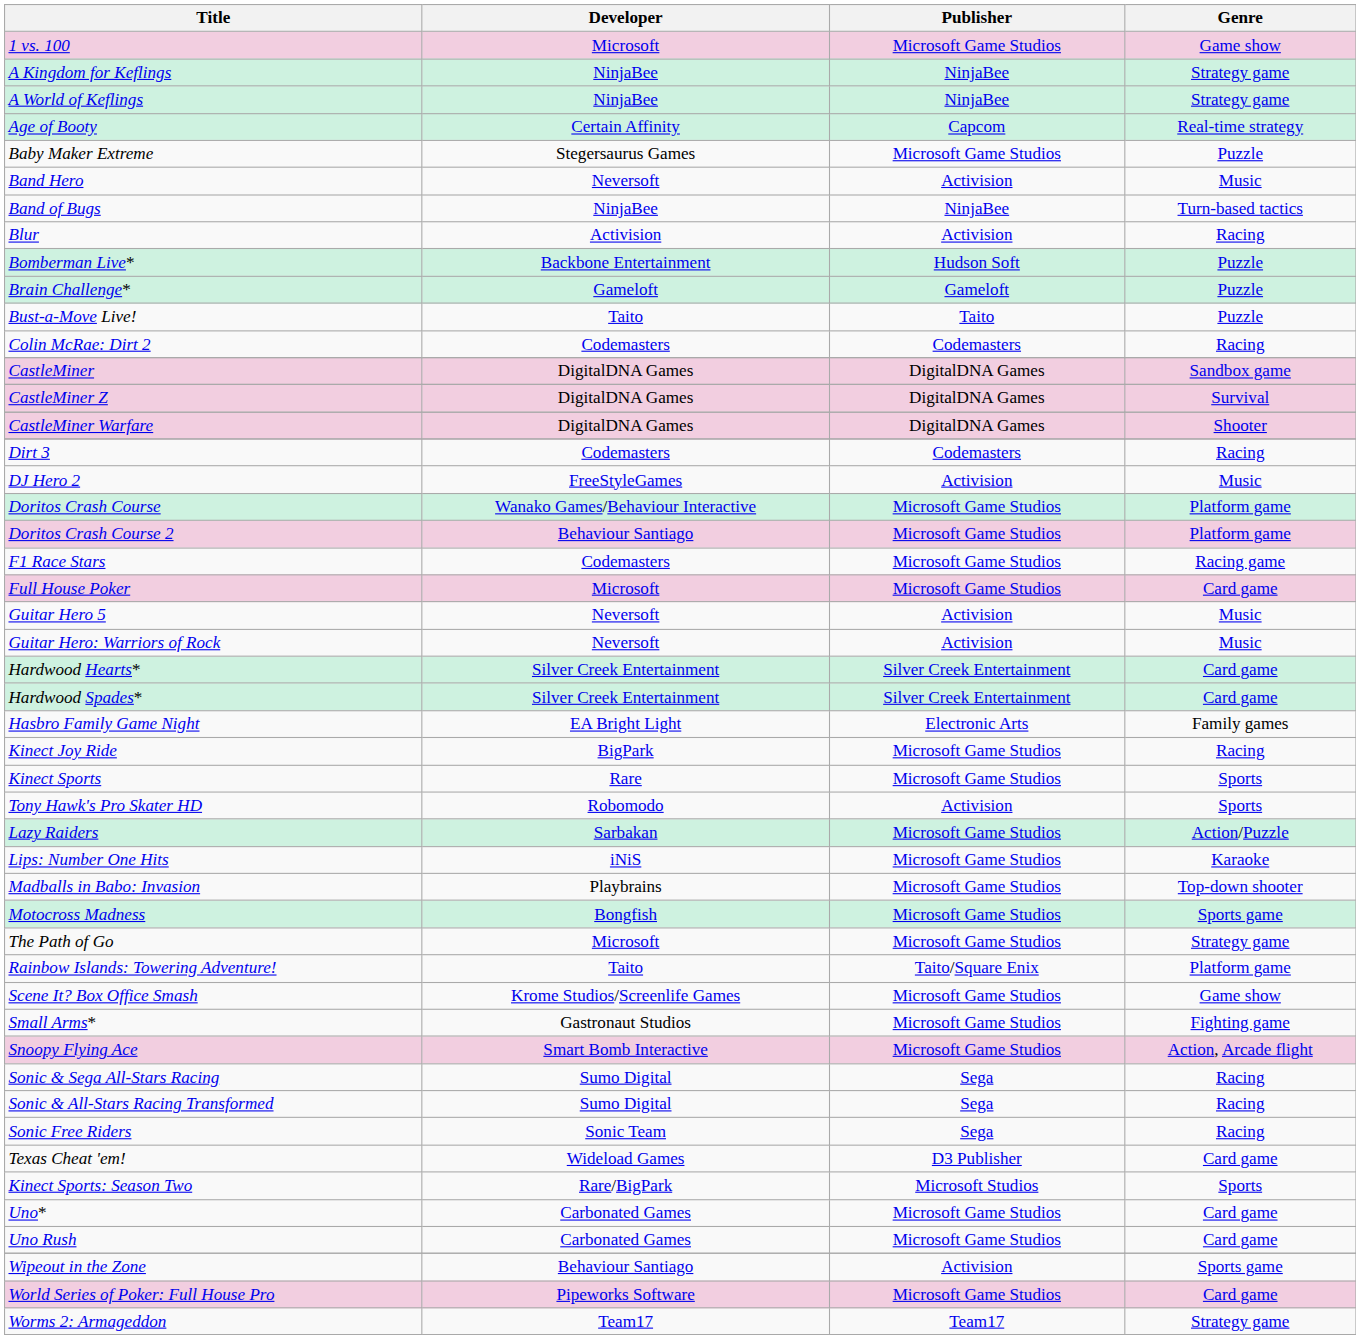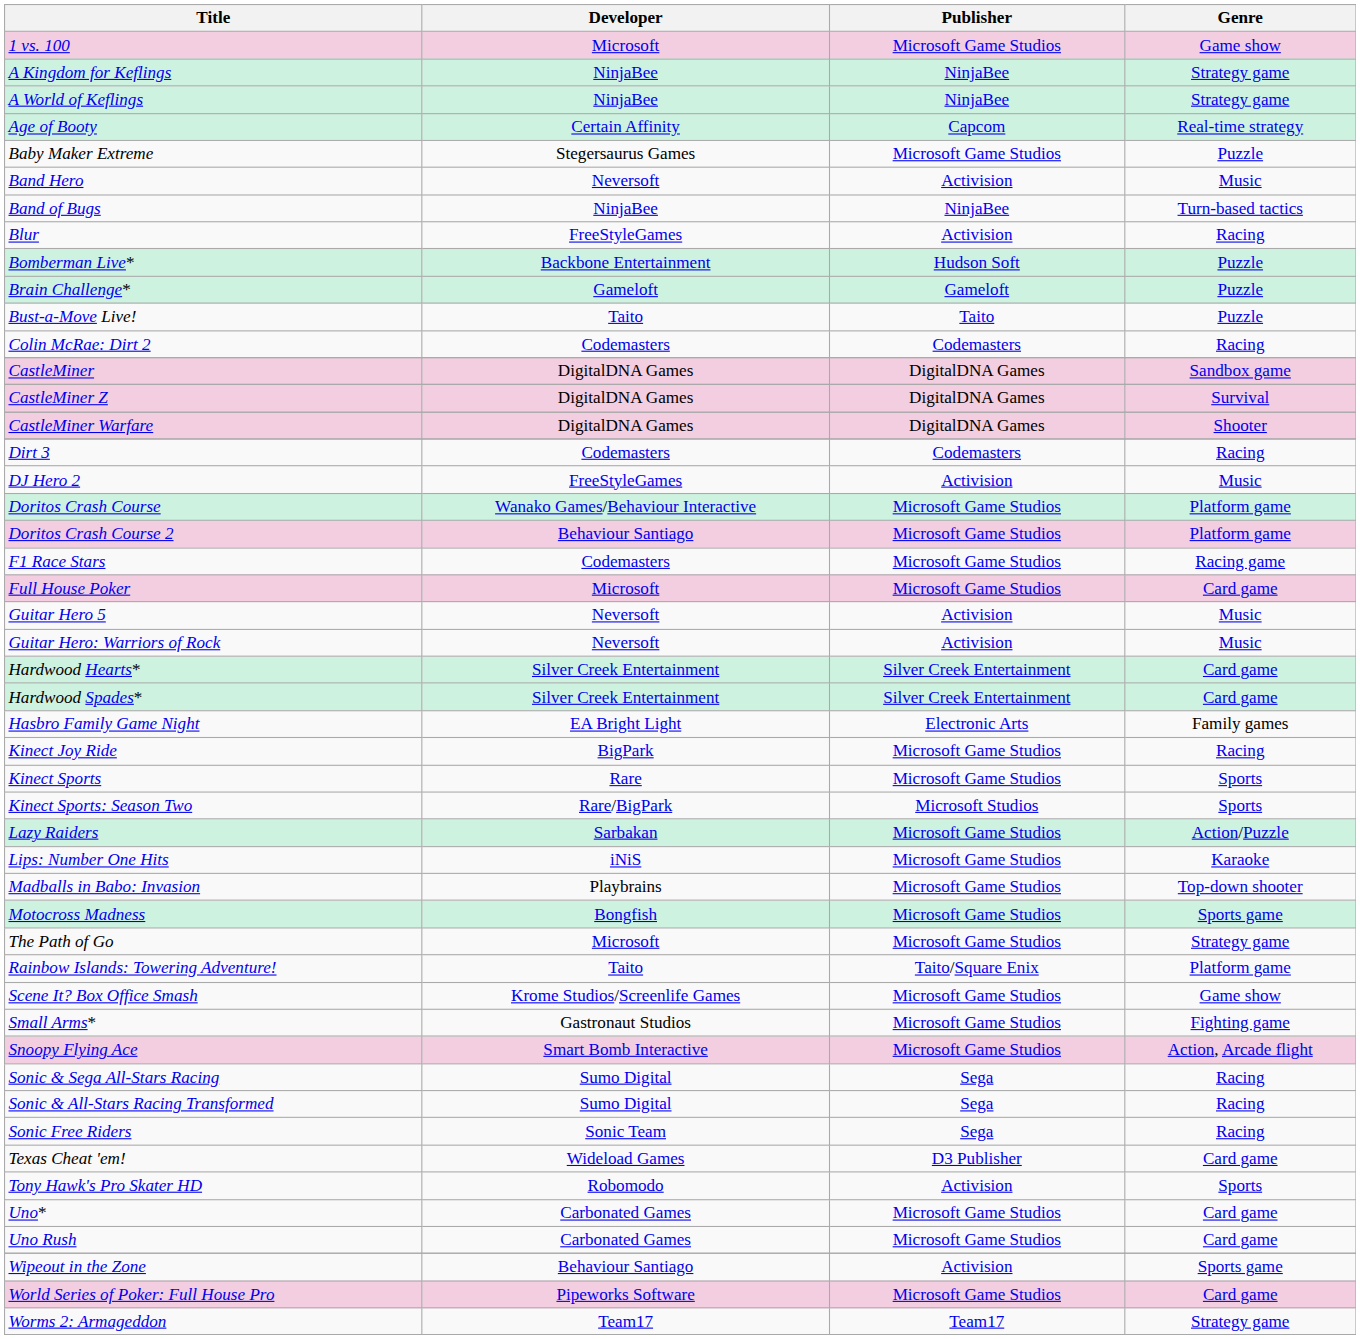 <table class="wikitable sortable" style="width:100%">
 <tr>
 <th>Title</th>
 <th>Developer</th>
 <th>Publisher</th>
 <th>Genre</th>
 </tr>
 <tr bgcolor="#F2CEE0">
 <td><em><a href='#'>1 vs. 100</a></em></td>
 <td align=center><a href='#'>Microsoft</a></td>
 <td align=center><a href='#'>Microsoft Game Studios</a></td>
 <td align=center><a href='#'>Game show</a></td>
 </tr>
 <tr bgcolor="#CEF2E0">
 <td><em><a href='#'>A Kingdom for Keflings</a></em></td>
 <td align=center><a href='#'>NinjaBee</a></td>
 <td align=center><a href='#'>NinjaBee</a></td>
 <td align=center><a href='#'>Strategy game</a></td>
 </tr>
 <tr bgcolor="#CEF2E0">
 <td><em><a href='#'>A World of Keflings</a></em></td>
 <td align=center><a href='#'>NinjaBee</a></td>
 <td align=center><a href='#'>NinjaBee</a></td>
 <td align=center><a href='#'>Strategy game</a></td>
 </tr>
 <tr bgcolor="#CEF2E0">
 <td><em><a href='#'>Age of Booty</a></em></td>
 <td align=center><a href='#'>Certain Affinity</a></td>
 <td align=center><a href='#'>Capcom</a></td>
 <td align=center><a href='#'>Real-time strategy</a></td>
 </tr>
 <tr>
 <td><em>Baby Maker Extreme</em></td>
 <td align=center>Stegersaurus Games</td>
 <td align=center><a href='#'>Microsoft Game Studios</a></td>
 <td align=center><a href='#'>Puzzle</a></td>
 </tr>
 <tr>
 <td><em><a href='#'>Band Hero</a></em></td>
 <td align=center><a href='#'>Neversoft</a></td>
 <td align=center><a href='#'>Activision</a></td>
 <td align=center><a href='#'>Music</a></td>
 </tr>
 <tr>
 <td><em><a href='#'>Band of Bugs</a></em></td>
 <td align=center><a href='#'>NinjaBee</a></td>
 <td align=center><a href='#'>NinjaBee</a></td>
 <td align=center><a href='#'>Turn-based tactics</a></td>
 </tr>
 <tr>
 <td><em><a href='#'>Blur</a></em></td>
-<td align=center><a href='#'>Activision</a></td>
+<td align=center><a href='#'>FreeStyleGames</a></td>
 <td align=center><a href='#'>Activision</a></td>
 <td align=center><a href='#'>Racing</a></td>
 </tr>
 <tr bgcolor="#CEF2E0">
 <td><em><a href='#'>Bomberman Live</a></em>*</td>
 <td align=center><a href='#'>Backbone Entertainment</a></td>
 <td align=center><a href='#'>Hudson Soft</a></td>
 <td align=center><a href='#'>Puzzle</a></td>
 </tr>
 <tr bgcolor="#CEF2E0">
 <td><em><a href='#'>Brain Challenge</a></em>*</td>
 <td align=center><a href='#'>Gameloft</a></td>
 <td align=center><a href='#'>Gameloft</a></td>
 <td align=center><a href='#'>Puzzle</a></td>
 </tr>
 <tr>
 <td><em><a href='#'>Bust-a-Move</a> Live!</em></td>
 <td align=center><a href='#'>Taito</a></td>
 <td align=center><a href='#'>Taito</a></td>
 <td align=center><a href='#'>Puzzle</a></td>
 </tr>
 <tr>
 <td><em><a href='#'>Colin McRae: Dirt 2</a></em></td>
 <td align=center><a href='#'>Codemasters</a></td>
 <td align=center><a href='#'>Codemasters</a></td>
 <td align=center><a href='#'>Racing</a></td>
 </tr>
 <tr>
 </tr>
 <tr bgcolor="#F2CEE0">
 <td><em><a href='#'>CastleMiner</a></em></td>
 <td align=center>DigitalDNA Games</td>
 <td align=center>DigitalDNA Games</td>
 <td align=center><a href='#'>Sandbox game</a></td>
 </tr>
 <tr>
 </tr>
 <tr bgcolor="#F2CEE0">
 <td><em><a href='#'>CastleMiner Z</a></em></td>
 <td align=center>DigitalDNA Games</td>
 <td align=center>DigitalDNA Games</td>
 <td align=center><a href='#'>Survival</a></td>
 </tr>
 <tr>
 </tr>
 <tr bgcolor="#F2CEE0">
 <td><em><a href='#'>CastleMiner Warfare</a></em></td>
 <td align=center>DigitalDNA Games</td>
 <td align=center>DigitalDNA Games</td>
 <td align=center><a href='#'>Shooter</a></td>
 </tr>
 <tr bgcolor="#CEF2E0">
 </tr>
 <tr>
 <td><em><a href='#'>Dirt 3</a></em></td>
 <td align=center><a href='#'>Codemasters</a></td>
 <td align=center><a href='#'>Codemasters</a></td>
 <td align=center><a href='#'>Racing</a></td>
 </tr>
 <tr>
 <td><em><a href='#'>DJ Hero 2</a></em></td>
 <td align=center><a href='#'>FreeStyleGames</a></td>
 <td align=center><a href='#'>Activision</a></td>
 <td align=center><a href='#'>Music</a></td>
 </tr>
 <tr bgcolor="#CEF2E0">
 <td><em><a href='#'>Doritos Crash Course</a></em></td>
 <td align=center><a href='#'>Wanako Games</a>/<a href='#'>Behaviour Interactive</a></td>
 <td align=center><a href='#'>Microsoft Game Studios</a></td>
 <td align=center><a href='#'>Platform game</a></td>
 </tr>
 <tr bgcolor="F2CEE0">
 <td><em><a href='#'>Doritos Crash Course 2</a></em></td>
 <td align=center><a href='#'>Behaviour Santiago</a></td>
 <td align=center><a href='#'>Microsoft Game Studios</a></td>
 <td align=center><a href='#'>Platform game</a></td>
 </tr>
 <tr>
 <td><em><a href='#'>F1 Race Stars</a></em></td>
 <td align=center><a href='#'>Codemasters</a></td>
 <td align=center><a href='#'>Microsoft Game Studios</a></td>
 <td align=center><a href='#'>Racing game</a></td>
 </tr>
 <tr bgcolor="#F2CEE0">
 <td><em><a href='#'>Full House Poker</a></em></td>
 <td align=center><a href='#'>Microsoft</a></td>
 <td align=center><a href='#'>Microsoft Game Studios</a></td>
 <td align=center><a href='#'>Card game</a></td>
 </tr>
 <tr>
 <td><em><a href='#'>Guitar Hero 5</a></em></td>
 <td align=center><a href='#'>Neversoft</a></td>
 <td align=center><a href='#'>Activision</a></td>
 <td align=center><a href='#'>Music</a></td>
 </tr>
 <tr>
 <td><em><a href='#'>Guitar Hero: Warriors of Rock</a></em></td>
 <td align=center><a href='#'>Neversoft</a></td>
 <td align=center><a href='#'>Activision</a></td>
 <td align=center><a href='#'>Music</a></td>
 </tr>
 <tr bgcolor="#CEF2E0">
 <td><em>Hardwood <a href='#'>Hearts</a></em>*</td>
 <td align=center><a href='#'>Silver Creek Entertainment</a></td>
 <td align=center><a href='#'>Silver Creek Entertainment</a></td>
 <td align=center><a href='#'>Card game</a></td>
 </tr>
 <tr bgcolor="#CEF2E0">
 <td><em>Hardwood <a href='#'>Spades</a></em>*</td>
 <td align=center><a href='#'>Silver Creek Entertainment</a></td>
 <td align=center><a href='#'>Silver Creek Entertainment</a></td>
 <td align=center><a href='#'>Card game</a></td>
 </tr>
 <tr>
 <td><em><a href='#'>Hasbro Family Game Night</a></em></td>
 <td align=center><a href='#'>EA Bright Light</a></td>
 <td align=center><a href='#'>Electronic Arts</a></td>
 <td align=center>Family games</td>
 </tr>
 <tr>
 <td><em><a href='#'>Kinect Joy Ride</a></em></td>
 <td align=center><a href='#'>BigPark</a></td>
 <td align=center><a href='#'>Microsoft Game Studios</a></td>
 <td align=center><a href='#'>Racing</a></td>
 </tr>
 <tr>
 <td><em><a href='#'>Kinect Sports</a></em></td>
 <td align=center><a href='#'>Rare</a></td>
 <td align=center><a href='#'>Microsoft Game Studios</a></td>
 <td align=center><a href='#'>Sports</a></td>
 </tr>
 <tr>
-<td><em><a href='#'>Tony Hawk's Pro Skater HD</a></em></td>
-<td align=center><a href='#'>Robomodo</a></td>
-<td align=center><a href='#'>Activision</a></td>
+<td><em><a href='#'>Kinect Sports: Season Two</a></em></td>
+<td align=center><a href='#'>Rare</a>/<a href='#'>BigPark</a></td>
+<td align=center><a href='#'>Microsoft Studios</a></td>
 <td align=center><a href='#'>Sports</a></td>
 </tr>
 <tr bgcolor="#CEF2E0">
 <td><em><a href='#'>Lazy Raiders</a></em></td>
 <td align=center><a href='#'>Sarbakan</a></td>
 <td align=center><a href='#'>Microsoft Game Studios</a></td>
 <td align=center><a href='#'>Action</a>/<a href='#'>Puzzle</a></td>
 </tr>
 <tr>
 <td><em><a href='#'>Lips: Number One Hits</a></em></td>
 <td align=center><a href='#'>iNiS</a></td>
 <td align=center><a href='#'>Microsoft Game Studios</a></td>
 <td align=center><a href='#'>Karaoke</a></td>
 </tr>
 <tr>
 <td><em><a href='#'>Madballs in Babo: Invasion</a></em></td>
 <td align=center>Playbrains</td>
 <td align=center><a href='#'>Microsoft Game Studios</a></td>
 <td align=center><a href='#'>Top-down shooter</a></td>
 </tr>
 <tr bgcolor="#CEF2E0">
 <td><em><a href='#'>Motocross Madness</a></em></td>
 <td align=center><a href='#'>Bongfish</a></td>
 <td align=center><a href='#'>Microsoft Game Studios</a></td>
 <td align=center><a href='#'>Sports game</a></td>
 </tr>
 <tr>
 <td><em>The Path of Go</em></td>
 <td align=center><a href='#'>Microsoft</a></td>
 <td align=center><a href='#'>Microsoft Game Studios</a></td>
 <td align=center><a href='#'>Strategy game</a></td>
 </tr>
 <tr>
 <td><em><a href='#'>Rainbow Islands: Towering Adventure!</a></em></td>
 <td align=center><a href='#'>Taito</a></td>
 <td align=center><a href='#'>Taito</a>/<a href='#'>Square Enix</a></td>
 <td align=center><a href='#'>Platform game</a></td>
 </tr>
 <tr>
 <td><em><a href='#'>Scene It? Box Office Smash</a></em></td>
 <td align=center><a href='#'>Krome Studios</a>/<a href='#'>Screenlife Games</a></td>
 <td align=center><a href='#'>Microsoft Game Studios</a></td>
 <td align=center><a href='#'>Game show</a></td>
 </tr>
 <tr>
 <td><em><a href='#'>Small Arms</a></em>*</td>
 <td align=center>Gastronaut Studios</td>
 <td align=center><a href='#'>Microsoft Game Studios</a></td>
 <td align=center><a href='#'>Fighting game</a></td>
 </tr>
 <tr bgcolor="#F2CEE0">
 <td><em><a href='#'>Snoopy Flying Ace</a></em></td>
 <td align=center><a href='#'>Smart Bomb Interactive</a></td>
 <td align=center><a href='#'>Microsoft Game Studios</a></td>
 <td align=center><a href='#'>Action</a>, <a href='#'>Arcade flight</a></td>
 </tr>
 <tr>
 <td><em><a href='#'>Sonic & Sega All-Stars Racing</a></em></td>
 <td align=center><a href='#'>Sumo Digital</a></td>
 <td align=center><a href='#'>Sega</a></td>
 <td align=center><a href='#'>Racing</a></td>
 </tr>
 <tr>
 <td><em><a href='#'>Sonic & All-Stars Racing Transformed</a></em></td>
 <td align=center><a href='#'>Sumo Digital</a></td>
 <td align=center><a href='#'>Sega</a></td>
 <td align=center><a href='#'>Racing</a></td>
 </tr>
 <tr>
 <td><em><a href='#'>Sonic Free Riders</a></em></td>
 <td align=center><a href='#'>Sonic Team</a></td>
 <td align=center><a href='#'>Sega</a></td>
 <td align=center><a href='#'>Racing</a></td>
 </tr>
 <tr>
 <td><em>Texas Cheat 'em!</em></td>
 <td align=center><a href='#'>Wideload Games</a></td>
 <td align=center><a href='#'>D3 Publisher</a></td>
 <td align=center><a href='#'>Card game</a></td>
 </tr>
 <tr>
-<td><em><a href='#'>Kinect Sports: Season Two</a></em></td>
-<td align=center><a href='#'>Rare</a>/<a href='#'>BigPark</a></td>
-<td align=center><a href='#'>Microsoft Studios</a></td>
+<td><em><a href='#'>Tony Hawk's Pro Skater HD</a></em></td>
+<td align=center><a href='#'>Robomodo</a></td>
+<td align=center><a href='#'>Activision</a></td>
 <td align=center><a href='#'>Sports</a></td>
 </tr>
 <tr>
 <td><em><a href='#'>Uno</a></em>*</td>
 <td align=center><a href='#'>Carbonated Games</a></td>
 <td align=center><a href='#'>Microsoft Game Studios</a></td>
 <td align=center><a href='#'>Card game</a></td>
 </tr>
 <tr>
 <td><em><a href='#'>Uno Rush</a></em></td>
 <td align=center><a href='#'>Carbonated Games</a></td>
 <td align=center><a href='#'>Microsoft Game Studios</a></td>
 <td align=center><a href='#'>Card game</a></td>
 </tr>
 <tr bgcolor="F2CEE0">
 </tr>
 <tr>
 <td><em><a href='#'>Wipeout in the Zone</a></em></td>
 <td align=center><a href='#'>Behaviour Santiago</a></td>
 <td align=center><a href='#'>Activision</a></td>
 <td align=center><a href='#'>Sports game</a></td>
 </tr>
 <tr bgcolor="#F2CEE0">
 <td><em><a href='#'>World Series of Poker: Full House Pro</a></em></td>
 <td align=center><a href='#'>Pipeworks Software</a></td>
 <td align=center><a href='#'>Microsoft Game Studios</a></td>
 <td align=center><a href='#'>Card game</a></td>
 </tr>
 <tr bgcolor=>
 <td><em><a href='#'>Worms 2: Armageddon</a></em></td>
 <td align=center><a href='#'>Team17</a></td>
 <td align=center><a href='#'>Team17</a></td>
 <td align=center><a href='#'>Strategy game</a></td>
 </tr>
 <tr>
 </tr>
 </table>
